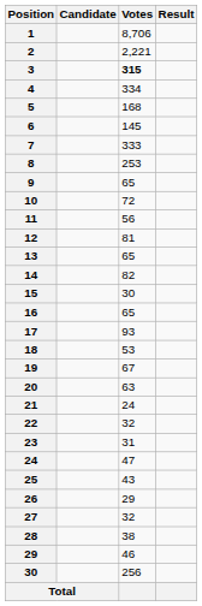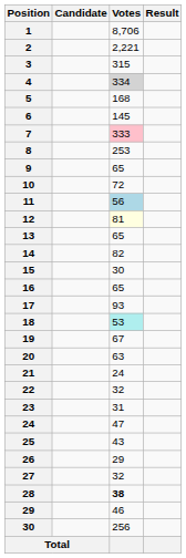 <table class="wikitable sortable col3right">
 <tr>
 <th scope="col">Position</th>
 <th scope="col">Candidate</th>
 <th scope="col">Votes</th>
 <th scope="col">Result</th>
 </tr>
 <tr>
 <th scope="row">1</th>
 <td></td>
 <td>8,706</td>
 <td></td>
 </tr>
 <tr>
 <th scope="row">2</th>
 <td></td>
 <td>2,221</td>
 <td></td>
 </tr>
 <tr>
 <th scope="row">3</th>
 <td></td>
-<td><strong>315</strong></td>
+<td>315</td>
 <td></td>
 </tr>
 <tr>
 <th scope="row">4</th>
 <td></td>
-<td>334</td>
+<td style="background: lightgrey;">334</td>
 <td></td>
 </tr>
 <tr>
 <th scope="row">5</th>
 <td></td>
 <td>168</td>
 <td></td>
 </tr>
 <tr>
 <th scope="row">6</th>
 <td></td>
 <td>145</td>
 <td></td>
 </tr>
 <tr>
 <th scope="row">7</th>
 <td></td>
-<td>333</td>
+<td style="background: pink;">333</td>
 <td></td>
 </tr>
 <tr>
 <th scope="row">8</th>
 <td></td>
 <td>253</td>
 <td></td>
 </tr>
 <tr>
 <th scope="row">9</th>
 <td></td>
 <td>65</td>
 <td></td>
 </tr>
 <tr>
 <th scope="row">10</th>
 <td></td>
 <td>72</td>
 <td></td>
 </tr>
 <tr>
 <th scope="row">11</th>
 <td></td>
-<td>56</td>
+<td style="background: lightblue;">56</td>
 <td></td>
 </tr>
 <tr>
 <th scope="row">12</th>
 <td></td>
-<td>81</td>
+<td style="background: lightyellow;">81</td>
 <td></td>
 </tr>
 <tr>
 <th scope="row">13</th>
 <td></td>
 <td>65</td>
 <td></td>
 </tr>
 <tr>
 <th scope="row">14</th>
 <td></td>
 <td>82</td>
 <td></td>
 </tr>
 <tr>
 <th scope="row">15</th>
 <td></td>
 <td>30</td>
 <td></td>
 </tr>
 <tr>
 <th scope="row">16</th>
 <td></td>
 <td>65</td>
 <td></td>
 </tr>
 <tr>
 <th scope="row">17</th>
 <td></td>
 <td>93</td>
 <td></td>
 </tr>
 <tr>
 <th scope="row">18</th>
 <td></td>
-<td>53</td>
+<td style="background: paleturquoise;">53</td>
 <td></td>
 </tr>
 <tr>
 <th scope="row">19</th>
 <td></td>
 <td>67</td>
 <td></td>
 </tr>
 <tr>
 <th scope="row">20</th>
 <td></td>
 <td>63</td>
 <td></td>
 </tr>
 <tr>
 <th scope="row">21</th>
 <td></td>
 <td>24</td>
 <td></td>
 </tr>
 <tr>
 <th scope="row">22</th>
 <td></td>
 <td>32</td>
 <td></td>
 </tr>
 <tr>
 <th scope="row">23</th>
 <td></td>
 <td>31</td>
 <td></td>
 </tr>
 <tr>
 <th scope="row">24</th>
 <td></td>
 <td>47</td>
 <td></td>
 </tr>
 <tr>
 <th scope="row">25</th>
 <td></td>
 <td>43</td>
 <td></td>
 </tr>
 <tr>
 <th scope="row">26</th>
 <td></td>
 <td>29</td>
 <td></td>
 </tr>
 <tr>
 <th scope="row">27</th>
 <td></td>
 <td>32</td>
 <td></td>
 </tr>
 <tr>
 <th scope="row">28</th>
 <td></td>
-<td>38</td>
+<td><strong>38</strong></td>
 <td></td>
 </tr>
 <tr>
 <th scope="row">29</th>
 <td></td>
 <td>46</td>
 <td></td>
 </tr>
 <tr>
 <th scope="row">30</th>
 <td></td>
 <td>256</td>
 <td></td>
 </tr>
 <tr class="sortbottom">
 <th scope="row" colspan="2">Total</th>
 <th></th>
 <th></th>
 </tr>
 </table>
